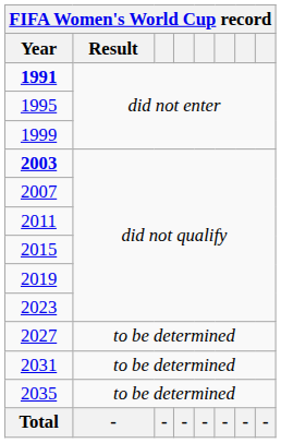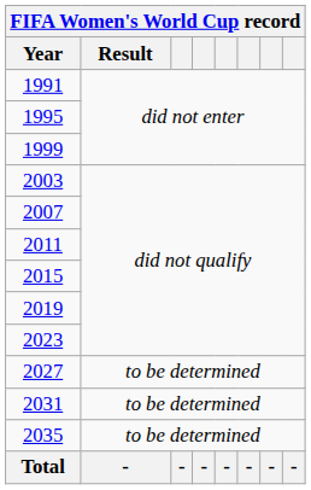 <table class="wikitable" style="text-align: center;">
 <tr>
 <th colspan=9><a href='#'>FIFA Women's World Cup</a> record</th>
 </tr>
 <tr>
 <th>Year</th>
 <th>Result</th>
 <th></th>
 <th></th>
 <th></th>
 <th></th>
 <th></th>
 <th></th>
 </tr>
 <tr>
-<td><strong> <a href='#'>1991</a></strong></td>
+<td> <a href='#'>1991</a></td>
 <td colspan=7 rowspan=3><em>did not enter</em></td>
 </tr>
 <tr>
 <td> <a href='#'>1995</a></td>
 </tr>
 <tr>
 <td> <a href='#'>1999</a></td>
 </tr>
 <tr>
-<td><strong> <a href='#'>2003</a></strong></td>
+<td> <a href='#'>2003</a></td>
 <td colspan="7" rowspan="6"><em>did not qualify</em></td>
 </tr>
 <tr>
 <td> <a href='#'>2007</a></td>
 </tr>
 <tr>
 <td> <a href='#'>2011</a></td>
 </tr>
 <tr>
 <td> <a href='#'>2015</a></td>
 </tr>
 <tr>
 <td> <a href='#'>2019</a></td>
 </tr>
 <tr>
 <td> <a href='#'>2023</a></td>
 </tr>
 <tr>
 <td> <a href='#'>2027</a></td>
 <td colspan="7"><em>to be determined</em></td>
 </tr>
 <tr>
 <td> <a href='#'>2031</a></td>
 <td colspan="7"><em>to be determined</em></td>
 </tr>
 <tr>
 <td> <a href='#'>2035</a></td>
 <td colspan="7"><em>to be determined</em></td>
 </tr>
 <tr>
 <th>Total</th>
 <th>-</th>
 <th>-</th>
 <th>-</th>
 <th>-</th>
 <th>-</th>
 <th>-</th>
 <th>-</th>
 </tr>
 </table>
